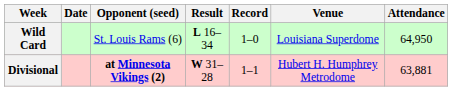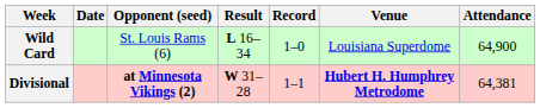 <table class="wikitable"  style="text-align: center;">
 <tr>
 <th>Week</th>
 <th>Date</th>
 <th>Opponent (seed)</th>
 <th>Result</th>
 <th>Record</th>
 <th>Venue</th>
 <th>Attendance</th>
 </tr>
 <tr style="background:#cfc">
 <th>Wild Card</th>
 <td></td>
 <td><a href='#'>St. Louis Rams</a> (6)</td>
 <td><strong>L</strong> 16–34</td>
 <td>1–0</td>
 <td><a href='#'>Louisiana Superdome</a></td>
-<td>64,950</td>
+<td>64,900</td>
 </tr>
 <tr style="background:#fcc">
 <th>Divisional</th>
 <td></td>
 <td><strong>at <a href='#'>Minnesota Vikings</a> (2)</strong></td>
 <td><strong>W</strong> 31–28</td>
 <td>1–1</td>
-<td><a href='#'>Hubert H. Humphrey Metrodome</a></td>
-<td>63,881</td>
+<td><strong><a href='#'>Hubert H. Humphrey Metrodome</a></strong></td>
+<td>64,381</td>
 </tr>
 </table>
